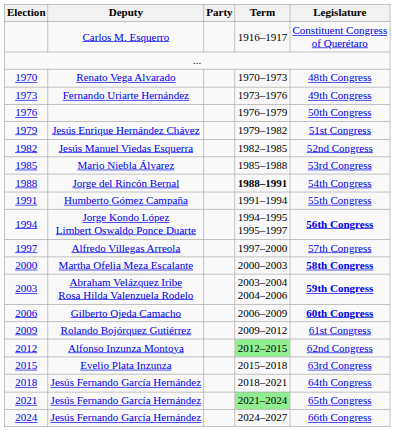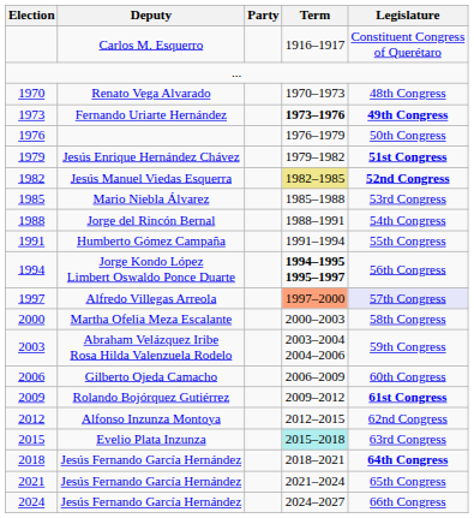 <table class="wikitable sortable" style="text-align: center">
 <tr>
 <th>Election</th>
 <th class="unsortable">Deputy</th>
 <th class="unsortable">Party</th>
 <th class="unsortable">Term</th>
 <th class="unsortable">Legislature</th>
 </tr>
 <tr>
 <td></td>
 <td><a href='#'>Carlos M. Esquerro</a></td>
 <td></td>
 <td>1916–1917</td>
 <td><a href='#'>Constituent Congress<br>of Querétaro</a></td>
 </tr>
 <tr>
 <td colspan=5> ...</td>
 </tr>
 <tr>
 <td><a href='#'>1970</a></td>
 <td><a href='#'>Renato Vega Alvarado</a></td>
 <td></td>
 <td>1970–1973</td>
 <td><a href='#'>48th Congress</a></td>
 </tr>
 <tr>
 <td><a href='#'>1973</a></td>
 <td><a href='#'>Fernando Uriarte Hernández</a></td>
 <td></td>
-<td>1973–1976</td>
-<td><a href='#'>49th Congress</a></td>
+<td><strong>1973–1976</strong></td>
+<td><strong><a href='#'>49th Congress</a></strong></td>
 </tr>
 <tr>
 <td><a href='#'>1976</a></td>
 <td></td>
 <td></td>
 <td>1976–1979</td>
 <td><a href='#'>50th Congress</a></td>
 </tr>
 <tr>
 <td><a href='#'>1979</a></td>
 <td><a href='#'>Jesús Enrique Hernández Chávez</a></td>
 <td></td>
 <td>1979–1982</td>
-<td><a href='#'>51st Congress</a></td>
+<td><strong><a href='#'>51st Congress</a></strong></td>
 </tr>
 <tr>
 <td><a href='#'>1982</a></td>
 <td><a href='#'>Jesús Manuel Viedas Esquerra</a></td>
 <td></td>
-<td>1982–1985</td>
-<td><a href='#'>52nd Congress</a></td>
+<td style="background: khaki;">1982–1985</td>
+<td><strong><a href='#'>52nd Congress</a></strong></td>
 </tr>
 <tr>
 <td><a href='#'>1985</a></td>
 <td><a href='#'>Mario Niebla Álvarez</a></td>
 <td></td>
 <td>1985–1988</td>
 <td><a href='#'>53rd Congress</a></td>
 </tr>
 <tr>
 <td><a href='#'>1988</a></td>
 <td><a href='#'>Jorge del Rincón Bernal</a></td>
 <td></td>
-<td><strong>1988–1991</strong></td>
+<td>1988–1991</td>
 <td><a href='#'>54th Congress</a></td>
 </tr>
 <tr>
 <td><a href='#'>1991</a></td>
 <td><a href='#'>Humberto Gómez Campaña</a></td>
 <td></td>
 <td>1991–1994</td>
 <td><a href='#'>55th Congress</a></td>
 </tr>
 <tr>
 <td><a href='#'>1994</a></td>
 <td><a href='#'>Jorge Kondo López</a><br><a href='#'>Limbert Oswaldo Ponce Duarte</a></td>
 <td></td>
-<td>1994–1995<br>1995–1997</td>
-<td><strong><a href='#'>56th Congress</a></strong></td>
+<td><strong>1994–1995<br>1995–1997</strong></td>
+<td><a href='#'>56th Congress</a></td>
 </tr>
 <tr>
 <td><a href='#'>1997</a></td>
 <td><a href='#'>Alfredo Villegas Arreola</a></td>
 <td></td>
-<td>1997–2000</td>
-<td><a href='#'>57th Congress</a></td>
+<td style="background: lightsalmon;">1997–2000</td>
+<td style="background: lavender;"><a href='#'>57th Congress</a></td>
 </tr>
 <tr>
 <td><a href='#'>2000</a></td>
 <td><a href='#'>Martha Ofelia Meza Escalante</a></td>
 <td></td>
 <td>2000–2003</td>
-<td><strong><a href='#'>58th Congress</a></strong></td>
+<td><a href='#'>58th Congress</a></td>
 </tr>
 <tr>
 <td><a href='#'>2003</a></td>
 <td><a href='#'>Abraham Velázquez Iribe</a><br><a href='#'>Rosa Hilda Valenzuela Rodelo</a></td>
 <td></td>
 <td>2003–2004<br>2004–2006</td>
-<td><strong><a href='#'>59th Congress</a></strong></td>
+<td><a href='#'>59th Congress</a></td>
 </tr>
 <tr>
 <td><a href='#'>2006</a></td>
 <td><a href='#'>Gilberto Ojeda Camacho</a></td>
 <td></td>
 <td>2006–2009</td>
-<td><strong><a href='#'>60th Congress</a></strong></td>
+<td><a href='#'>60th Congress</a></td>
 </tr>
 <tr>
 <td><a href='#'>2009</a></td>
 <td><a href='#'>Rolando Bojórquez Gutiérrez</a></td>
 <td></td>
 <td>2009–2012</td>
-<td><a href='#'>61st Congress</a></td>
+<td><strong><a href='#'>61st Congress</a></strong></td>
 </tr>
 <tr>
 <td><a href='#'>2012</a></td>
 <td><a href='#'>Alfonso Inzunza Montoya</a></td>
 <td></td>
-<td style="background: lightgreen;">2012–2015</td>
+<td>2012–2015</td>
 <td><a href='#'>62nd Congress</a></td>
 </tr>
 <tr>
 <td><a href='#'>2015</a></td>
 <td><a href='#'>Evelio Plata Inzunza</a></td>
 <td></td>
-<td>2015–2018</td>
+<td style="background: paleturquoise;">2015–2018</td>
 <td><a href='#'>63rd Congress</a></td>
 </tr>
 <tr>
 <td><a href='#'>2018</a></td>
 <td><a href='#'>Jesús Fernando García Hernández</a></td>
 <td></td>
 <td>2018–2021</td>
-<td><a href='#'>64th Congress</a></td>
+<td><strong><a href='#'>64th Congress</a></strong></td>
 </tr>
 <tr>
 <td><a href='#'>2021</a></td>
 <td><a href='#'>Jesús Fernando García Hernández</a></td>
 <td></td>
-<td style="background: lightgreen;">2021–2024</td>
+<td>2021–2024</td>
 <td><a href='#'>65th Congress</a></td>
 </tr>
 <tr>
 <td><a href='#'>2024</a></td>
 <td><a href='#'>Jesús Fernando García Hernández</a></td>
 <td></td>
 <td>2024–2027</td>
 <td><a href='#'>66th Congress</a></td>
 </tr>
 </table>
